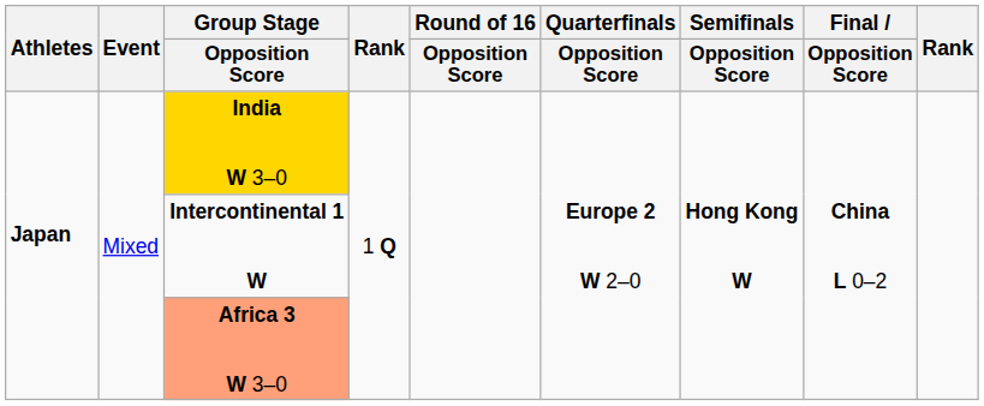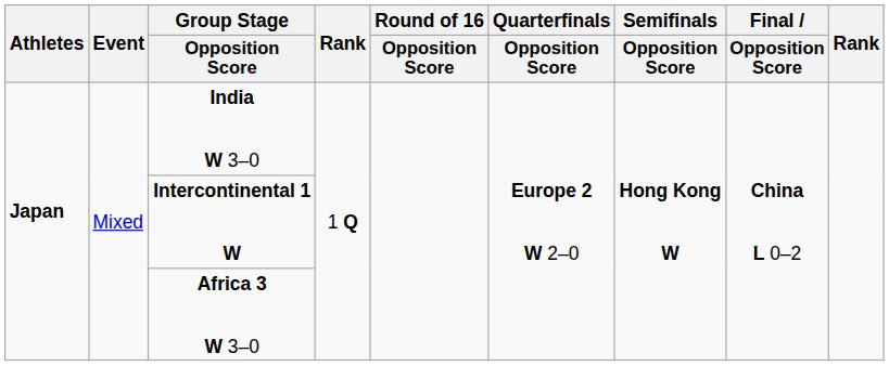 <table class=wikitable style="font-size:90%">
 <tr>
 <th rowspan="2">Athletes</th>
 <th rowspan="2">Event</th>
 <th>Group Stage</th>
 <th rowspan="2">Rank</th>
 <th>Round of 16</th>
 <th>Quarterfinals</th>
 <th>Semifinals</th>
 <th>Final / </th>
 <th rowspan=2>Rank</th>
 </tr>
 <tr style="font-size:95%">
 <th>Opposition<br>Score</th>
 <th>Opposition<br>Score</th>
 <th>Opposition<br>Score</th>
 <th>Opposition<br>Score</th>
 <th>Opposition<br>Score</th>
 </tr>
 <tr align=center>
 <td align=left rowspan=3><strong>Japan</strong><br><br></td>
 <td align=left rowspan=3><a href='#'>Mixed</a></td>
-<td style="background: gold;"><strong>India</strong><br><br><br><strong>W</strong> 3–0</td>
+<td><strong>India</strong><br><br><br><strong>W</strong> 3–0</td>
 <td rowspan=3>1 <strong>Q</strong></td>
 <td rowspan=3></td>
 <td rowspan=3><strong>Europe 2</strong><br><br><br><strong>W</strong> 2–0</td>
 <td rowspan=3><strong>Hong Kong</strong><br><br><br><strong>W</strong></td>
 <td rowspan=3><strong>China</strong><br><br><br><strong>L</strong> 0–2</td>
 <td rowspan=3></td>
 </tr>
 <tr align=center>
 <td><strong>Intercontinental 1</strong><br><br><br><strong>W</strong></td>
 </tr>
 <tr align=center>
-<td style="background: lightsalmon;"><strong>Africa 3</strong><br><br><br><strong>W</strong> 3–0</td>
+<td><strong>Africa 3</strong><br><br><br><strong>W</strong> 3–0</td>
 </tr>
 </table>
